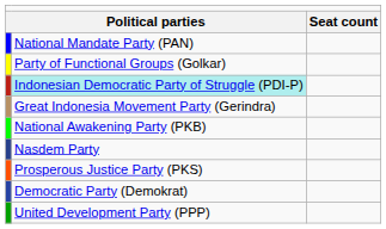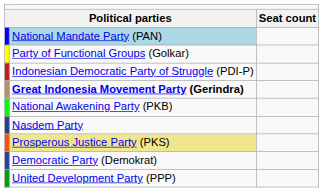 <table class="wikitable">
 <tr>
 <td colspan="4"></td>
 </tr>
 <tr>
 <th colspan="2">Political parties</th>
 <th>Seat count</th>
 </tr>
 <tr>
 <td bgcolor=#0000FF></td>
-<td><a href='#'>National Mandate Party</a> (PAN)</td>
+<td style="background: lightblue;"><a href='#'>National Mandate Party</a> (PAN)</td>
 <td></td>
 </tr>
 <tr>
 <td bgcolor=#FFFF00></td>
 <td><a href='#'>Party of Functional Groups</a> (Golkar)</td>
 <td></td>
 </tr>
 <tr>
 <td bgcolor=#BD2016></td>
-<td style="background: paleturquoise;"><a href='#'>Indonesian Democratic Party of Struggle</a> (PDI-P)</td>
+<td><a href='#'>Indonesian Democratic Party of Struggle</a> (PDI-P)</td>
 <td></td>
 </tr>
 <tr>
 <td bgcolor=#B79164></td>
-<td><a href='#'>Great Indonesia Movement Party</a> (Gerindra)</td>
+<td><strong><a href='#'>Great Indonesia Movement Party</a> (Gerindra)</strong></td>
 <td></td>
 </tr>
 <tr>
 <td bgcolor=#00FF00></td>
 <td><a href='#'>National Awakening Party</a> (PKB)</td>
 <td></td>
 </tr>
 <tr>
 <td bgcolor=#27408B></td>
 <td><a href='#'>Nasdem Party</a></td>
 <td></td>
 </tr>
 <tr>
 <td bgcolor=#FF4F00></td>
-<td><a href='#'>Prosperous Justice Party</a> (PKS)</td>
+<td style="background: khaki;"><a href='#'>Prosperous Justice Party</a> (PKS)</td>
 <td></td>
 </tr>
 <tr>
 <td bgcolor=#2643A3></td>
 <td><a href='#'>Democratic Party</a> (Demokrat)</td>
 <td></td>
 </tr>
 <tr>
 <td bgcolor=#00A100></td>
 <td><a href='#'>United Development Party</a> (PPP)</td>
 <td></td>
 </tr>
 </table>
